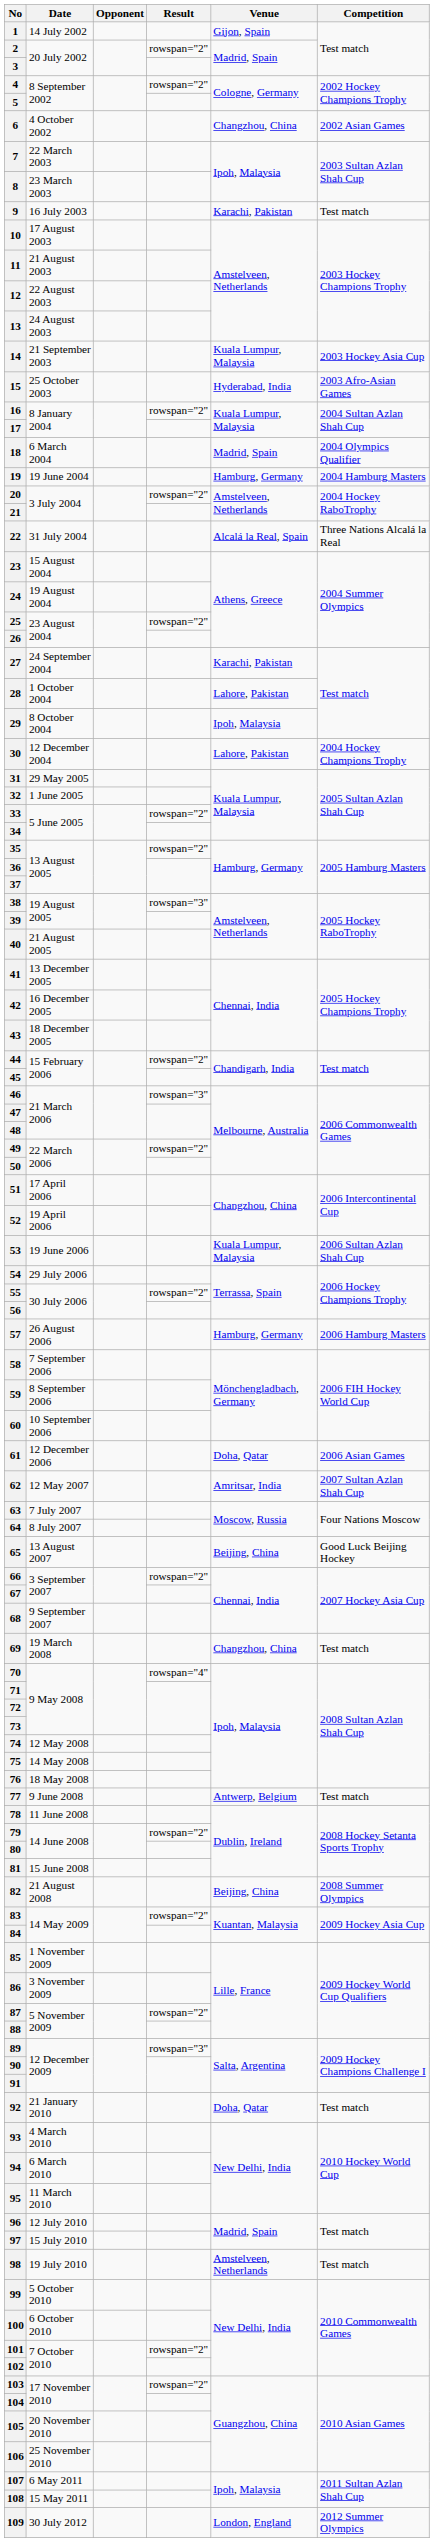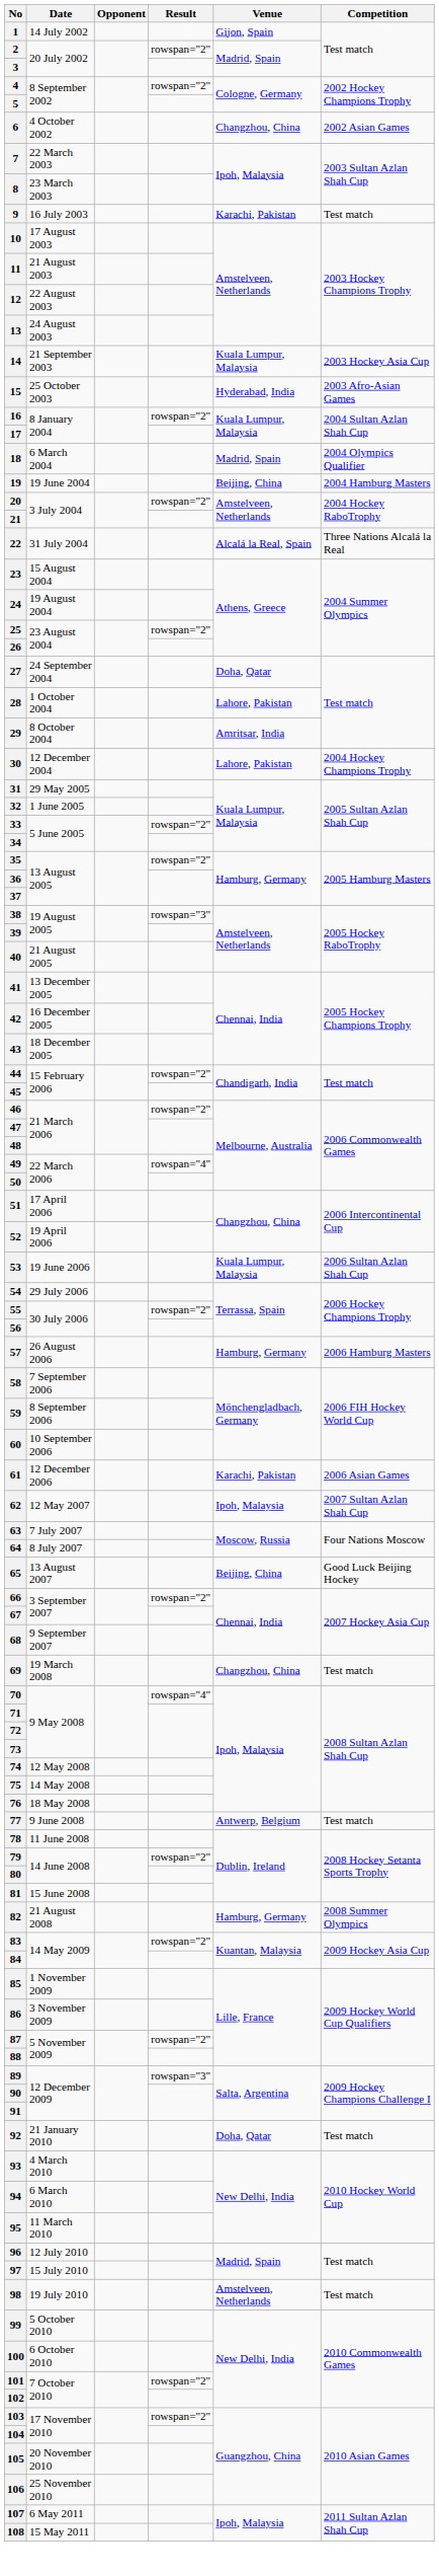 <table class="wikitable sortable">
 <tr>
 <th>No</th>
 <th>Date</th>
 <th>Opponent</th>
 <th>Result</th>
 <th>Venue</th>
 <th>Competition</th>
 </tr>
 <tr>
 <th>1</th>
 <td>14 July 2002</td>
 <td></td>
 <td></td>
 <td><a href='#'>Gijon</a>, <a href='#'>Spain</a></td>
 <td rowspan="3">Test match</td>
 </tr>
 <tr>
 <th>2</th>
 <td rowspan="2">20 July 2002</td>
 <td rowspan="2"></td>
 <td>rowspan="2" </td>
 <td rowspan="2"><a href='#'>Madrid</a>, <a href='#'>Spain</a></td>
 </tr>
 <tr>
 <th>3</th>
 </tr>
 <tr>
 <th>4</th>
 <td rowspan="2">8 September 2002</td>
 <td rowspan="2"></td>
 <td>rowspan="2" </td>
 <td rowspan="2"><a href='#'>Cologne</a>, <a href='#'>Germany</a></td>
 <td rowspan="2"><a href='#'>2002 Hockey Champions Trophy</a></td>
 </tr>
 <tr>
 <th>5</th>
 </tr>
 <tr>
 <th>6</th>
 <td>4 October 2002</td>
 <td></td>
 <td></td>
 <td><a href='#'>Changzhou</a>, <a href='#'>China</a></td>
 <td><a href='#'>2002 Asian Games</a></td>
 </tr>
 <tr>
 <th>7</th>
 <td>22 March 2003</td>
 <td></td>
 <td></td>
 <td rowspan="2"><a href='#'>Ipoh</a>, <a href='#'>Malaysia</a></td>
 <td rowspan="2"><a href='#'>2003 Sultan Azlan Shah Cup</a></td>
 </tr>
 <tr>
 <th>8</th>
 <td>23 March 2003</td>
 <td></td>
 <td></td>
 </tr>
 <tr>
 <th>9</th>
 <td>16 July 2003</td>
 <td></td>
 <td></td>
 <td><a href='#'>Karachi</a>, <a href='#'>Pakistan</a></td>
 <td>Test match</td>
 </tr>
 <tr>
 <th>10</th>
 <td>17 August 2003</td>
 <td></td>
 <td></td>
 <td rowspan="4"><a href='#'>Amstelveen</a>, <a href='#'>Netherlands</a></td>
 <td rowspan="4"><a href='#'>2003 Hockey Champions Trophy</a></td>
 </tr>
 <tr>
 <th>11</th>
 <td>21 August 2003</td>
 <td></td>
 <td></td>
 </tr>
 <tr>
 <th>12</th>
 <td>22 August 2003</td>
 <td></td>
 <td></td>
 </tr>
 <tr>
 <th>13</th>
 <td>24 August 2003</td>
 <td></td>
 <td></td>
 </tr>
 <tr>
 <th>14</th>
 <td>21 September 2003</td>
 <td></td>
 <td></td>
 <td><a href='#'>Kuala Lumpur</a>, <a href='#'>Malaysia</a></td>
 <td><a href='#'>2003 Hockey Asia Cup</a></td>
 </tr>
 <tr>
 <th>15</th>
 <td>25 October 2003</td>
 <td></td>
 <td></td>
 <td><a href='#'>Hyderabad</a>, <a href='#'>India</a></td>
 <td><a href='#'>2003 Afro-Asian Games</a></td>
 </tr>
 <tr>
 <th>16</th>
 <td rowspan="2">8 January 2004</td>
 <td rowspan="2"></td>
 <td>rowspan="2" </td>
 <td rowspan="2"><a href='#'>Kuala Lumpur</a>, <a href='#'>Malaysia</a></td>
 <td rowspan="2"><a href='#'>2004 Sultan Azlan Shah Cup</a></td>
 </tr>
 <tr>
 <th>17</th>
 </tr>
 <tr>
 <th>18</th>
 <td>6 March 2004</td>
 <td></td>
 <td></td>
 <td><a href='#'>Madrid</a>, <a href='#'>Spain</a></td>
 <td><a href='#'>2004 Olympics Qualifier</a></td>
 </tr>
 <tr>
 <th>19</th>
 <td>19 June 2004</td>
 <td></td>
 <td></td>
-<td><a href='#'>Hamburg</a>, <a href='#'>Germany</a></td>
+<td><a href='#'>Beijing</a>, <a href='#'>China</a></td>
 <td><a href='#'>2004 Hamburg Masters</a></td>
 </tr>
 <tr>
 <th>20</th>
 <td rowspan="2">3 July 2004</td>
 <td rowspan="2"></td>
 <td>rowspan="2" </td>
 <td rowspan="2"><a href='#'>Amstelveen</a>, <a href='#'>Netherlands</a></td>
 <td rowspan="2"><a href='#'>2004 Hockey RaboTrophy</a></td>
 </tr>
 <tr>
 <th>21</th>
 </tr>
 <tr>
 <th>22</th>
 <td>31 July 2004</td>
 <td></td>
 <td></td>
 <td><a href='#'>Alcalá la Real</a>, <a href='#'>Spain</a></td>
 <td>Three Nations Alcalá la Real</td>
 </tr>
 <tr>
 <th>23</th>
 <td>15 August 2004</td>
 <td></td>
 <td></td>
 <td rowspan="4"><a href='#'>Athens</a>, <a href='#'>Greece</a></td>
 <td rowspan="4"><a href='#'>2004 Summer Olympics</a></td>
 </tr>
 <tr>
 <th>24</th>
 <td>19 August 2004</td>
 <td></td>
 <td></td>
 </tr>
 <tr>
 <th>25</th>
 <td rowspan="2">23 August 2004</td>
 <td rowspan="2"></td>
 <td>rowspan="2" </td>
 </tr>
 <tr>
 <th>26</th>
 </tr>
 <tr>
 <th>27</th>
 <td>24 September 2004</td>
 <td></td>
 <td></td>
-<td><a href='#'>Karachi</a>, <a href='#'>Pakistan</a></td>
+<td><a href='#'>Doha</a>, <a href='#'>Qatar</a></td>
 <td rowspan="3"><a href='#'>Test match</a></td>
 </tr>
 <tr>
 <th>28</th>
 <td>1 October 2004</td>
 <td></td>
 <td></td>
 <td><a href='#'>Lahore</a>, <a href='#'>Pakistan</a></td>
 </tr>
 <tr>
 <th>29</th>
 <td>8 October 2004</td>
 <td></td>
 <td></td>
-<td><a href='#'>Ipoh</a>, <a href='#'>Malaysia</a></td>
+<td><a href='#'>Amritsar</a>, <a href='#'>India</a></td>
 </tr>
 <tr>
 <th>30</th>
 <td>12 December 2004</td>
 <td></td>
 <td></td>
 <td><a href='#'>Lahore</a>, <a href='#'>Pakistan</a></td>
 <td><a href='#'>2004 Hockey Champions Trophy</a></td>
 </tr>
 <tr>
 <th>31</th>
 <td>29 May 2005</td>
 <td></td>
 <td></td>
 <td rowspan="4"><a href='#'>Kuala Lumpur</a>, <a href='#'>Malaysia</a></td>
 <td rowspan="4"><a href='#'>2005 Sultan Azlan Shah Cup</a></td>
 </tr>
 <tr>
 <th>32</th>
 <td>1 June 2005</td>
 <td></td>
 <td></td>
 </tr>
 <tr>
 <th>33</th>
 <td rowspan="2">5 June 2005</td>
 <td rowspan="2"></td>
 <td>rowspan="2" </td>
 </tr>
 <tr>
 <th>34</th>
 </tr>
 <tr>
 <th>35</th>
 <td rowspan="3">13 August 2005</td>
 <td rowspan="3"></td>
 <td>rowspan="2" </td>
 <td rowspan="3"><a href='#'>Hamburg</a>, <a href='#'>Germany</a></td>
 <td rowspan="3"><a href='#'>2005 Hamburg Masters</a></td>
 </tr>
 <tr>
 <th>36</th>
 </tr>
 <tr>
 <th>37</th>
 </tr>
 <tr>
 <th>38</th>
 <td rowspan="2">19 August 2005</td>
 <td rowspan="2"></td>
 <td>rowspan="3" </td>
 <td rowspan="3"><a href='#'>Amstelveen</a>, <a href='#'>Netherlands</a></td>
 <td rowspan="3"><a href='#'>2005 Hockey RaboTrophy</a></td>
 </tr>
 <tr>
 <th>39</th>
 </tr>
 <tr>
 <th>40</th>
 <td>21 August 2005</td>
 <td></td>
 <td></td>
 </tr>
 <tr>
 <th>41</th>
 <td>13 December 2005</td>
 <td></td>
 <td></td>
 <td rowspan="3"><a href='#'>Chennai</a>, <a href='#'>India</a></td>
 <td rowspan="3"><a href='#'>2005 Hockey Champions Trophy</a></td>
 </tr>
 <tr>
 <th>42</th>
 <td>16 December 2005</td>
 <td></td>
 <td></td>
 </tr>
 <tr>
 <th>43</th>
 <td>18 December 2005</td>
 <td></td>
 <td></td>
 </tr>
 <tr>
 <th>44</th>
 <td rowspan="2">15 February 2006</td>
 <td rowspan="2"></td>
 <td>rowspan="2" </td>
 <td rowspan="2"><a href='#'>Chandigarh</a>, <a href='#'>India</a></td>
 <td rowspan="2"><a href='#'>Test match</a></td>
 </tr>
 <tr>
 <th>45</th>
 </tr>
 <tr>
 <th>46</th>
 <td rowspan="3">21 March 2006</td>
 <td rowspan="3"></td>
-<td>rowspan="3" </td>
+<td>rowspan="2" </td>
 <td rowspan="5"><a href='#'>Melbourne</a>, <a href='#'>Australia</a></td>
 <td rowspan="5"><a href='#'>2006 Commonwealth Games</a></td>
 </tr>
 <tr>
 <th>47</th>
 </tr>
 <tr>
 <th>48</th>
 </tr>
 <tr>
 <th>49</th>
 <td rowspan="2">22 March 2006</td>
 <td rowspan="2"></td>
-<td>rowspan="2" </td>
+<td>rowspan="4" </td>
 </tr>
 <tr>
 <th>50</th>
 </tr>
 <tr>
 <th>51</th>
 <td>17 April 2006</td>
 <td></td>
 <td></td>
 <td rowspan="2"><a href='#'>Changzhou</a>, <a href='#'>China</a></td>
 <td rowspan="2"><a href='#'>2006 Intercontinental Cup</a></td>
 </tr>
 <tr>
 <th>52</th>
 <td>19 April 2006</td>
 <td></td>
 <td></td>
 </tr>
 <tr>
 <th>53</th>
 <td>19 June 2006</td>
 <td></td>
 <td></td>
 <td><a href='#'>Kuala Lumpur</a>, <a href='#'>Malaysia</a></td>
 <td><a href='#'>2006 Sultan Azlan Shah Cup</a></td>
 </tr>
 <tr>
 <th>54</th>
 <td>29 July 2006</td>
 <td></td>
 <td></td>
 <td rowspan="3"><a href='#'>Terrassa</a>, <a href='#'>Spain</a></td>
 <td rowspan="3"><a href='#'>2006 Hockey Champions Trophy</a></td>
 </tr>
 <tr>
 <th>55</th>
 <td rowspan="2">30 July 2006</td>
 <td rowspan="2"></td>
 <td>rowspan="2" </td>
 </tr>
 <tr>
 <th>56</th>
 </tr>
 <tr>
 <th>57</th>
 <td>26 August 2006</td>
 <td></td>
 <td></td>
 <td><a href='#'>Hamburg</a>, <a href='#'>Germany</a></td>
 <td><a href='#'>2006 Hamburg Masters</a></td>
 </tr>
 <tr>
 <th>58</th>
 <td>7 September 2006</td>
 <td></td>
 <td></td>
 <td rowspan="3"><a href='#'>Mönchengladbach</a>, <a href='#'>Germany</a></td>
 <td rowspan="3"><a href='#'>2006 FIH Hockey World Cup</a></td>
 </tr>
 <tr>
 <th>59</th>
 <td>8 September 2006</td>
 <td></td>
 <td></td>
 </tr>
 <tr>
 <th>60</th>
 <td>10 September 2006</td>
 <td></td>
 <td></td>
 </tr>
 <tr>
 <th>61</th>
 <td>12 December 2006</td>
 <td></td>
 <td></td>
-<td><a href='#'>Doha</a>, <a href='#'>Qatar</a></td>
+<td><a href='#'>Karachi</a>, <a href='#'>Pakistan</a></td>
 <td><a href='#'>2006 Asian Games</a></td>
 </tr>
 <tr>
 <th>62</th>
 <td>12 May 2007</td>
 <td></td>
 <td></td>
-<td><a href='#'>Amritsar</a>, <a href='#'>India</a></td>
+<td><a href='#'>Ipoh</a>, <a href='#'>Malaysia</a></td>
 <td><a href='#'>2007 Sultan Azlan Shah Cup</a></td>
 </tr>
 <tr>
 <th>63</th>
 <td>7 July 2007</td>
 <td></td>
 <td></td>
 <td rowspan="2"><a href='#'>Moscow</a>, <a href='#'>Russia</a></td>
 <td rowspan="2">Four Nations Moscow</td>
 </tr>
 <tr>
 <th>64</th>
 <td>8 July 2007</td>
 <td></td>
 <td></td>
 </tr>
 <tr>
 <th>65</th>
 <td>13 August 2007</td>
 <td></td>
 <td></td>
 <td><a href='#'>Beijing</a>, <a href='#'>China</a></td>
 <td>Good Luck Beijing Hockey</td>
 </tr>
 <tr>
 <th>66</th>
 <td rowspan="2">3 September 2007</td>
 <td rowspan="2"></td>
 <td>rowspan="2" </td>
 <td rowspan="3"><a href='#'>Chennai</a>, <a href='#'>India</a></td>
 <td rowspan="3"><a href='#'>2007 Hockey Asia Cup</a></td>
 </tr>
 <tr>
 <th>67</th>
 </tr>
 <tr>
 <th>68</th>
 <td>9 September 2007</td>
 <td></td>
 <td></td>
 </tr>
 <tr>
 <th>69</th>
 <td>19 March 2008</td>
 <td></td>
 <td></td>
 <td><a href='#'>Changzhou</a>, <a href='#'>China</a></td>
 <td>Test match</td>
 </tr>
 <tr>
 <th>70</th>
 <td rowspan="4">9 May 2008</td>
 <td rowspan="4"></td>
 <td>rowspan="4" </td>
 <td rowspan="7"><a href='#'>Ipoh</a>, <a href='#'>Malaysia</a></td>
 <td rowspan="7"><a href='#'>2008 Sultan Azlan Shah Cup</a></td>
 </tr>
 <tr>
 <th>71</th>
 </tr>
 <tr>
 <th>72</th>
 </tr>
 <tr>
 <th>73</th>
 </tr>
 <tr>
 <th>74</th>
 <td>12 May 2008</td>
 <td></td>
 <td></td>
 </tr>
 <tr>
 <th>75</th>
 <td>14 May 2008</td>
 <td></td>
 <td></td>
 </tr>
 <tr>
 <th>76</th>
 <td>18 May 2008</td>
 <td></td>
 <td></td>
 </tr>
 <tr>
 <th>77</th>
 <td>9 June 2008</td>
 <td></td>
 <td></td>
 <td><a href='#'>Antwerp</a>, <a href='#'>Belgium</a></td>
 <td>Test match</td>
 </tr>
 <tr>
 <th>78</th>
 <td>11 June 2008</td>
 <td></td>
 <td></td>
 <td rowspan="4"><a href='#'>Dublin</a>, <a href='#'>Ireland</a></td>
 <td rowspan="4"><a href='#'>2008 Hockey Setanta Sports Trophy</a></td>
 </tr>
 <tr>
 <th>79</th>
 <td rowspan="2">14 June 2008</td>
 <td rowspan="2"></td>
 <td>rowspan="2" </td>
 </tr>
 <tr>
 <th>80</th>
 </tr>
 <tr>
 <th>81</th>
 <td>15 June 2008</td>
 <td></td>
 <td></td>
 </tr>
 <tr>
 <th>82</th>
 <td>21 August 2008</td>
 <td></td>
 <td></td>
-<td><a href='#'>Beijing</a>, <a href='#'>China</a></td>
+<td><a href='#'>Hamburg</a>, <a href='#'>Germany</a></td>
 <td><a href='#'>2008 Summer Olympics</a></td>
 </tr>
 <tr>
 <th>83</th>
 <td rowspan="2">14 May 2009</td>
 <td rowspan="2"></td>
 <td>rowspan="2" </td>
 <td rowspan="2"><a href='#'>Kuantan</a>, <a href='#'>Malaysia</a></td>
 <td rowspan="2"><a href='#'>2009 Hockey Asia Cup</a></td>
 </tr>
 <tr>
 <th>84</th>
 </tr>
 <tr>
 <th>85</th>
 <td>1 November 2009</td>
 <td></td>
 <td></td>
 <td rowspan="4"><a href='#'>Lille</a>, <a href='#'>France</a></td>
 <td rowspan="4"><a href='#'>2009 Hockey World Cup Qualifiers</a></td>
 </tr>
 <tr>
 <th>86</th>
 <td>3 November 2009</td>
 <td></td>
 <td></td>
 </tr>
 <tr>
 <th>87</th>
 <td rowspan="2">5 November 2009</td>
 <td rowspan="2"></td>
 <td>rowspan="2" </td>
 </tr>
 <tr>
 <th>88</th>
 </tr>
 <tr>
 <th>89</th>
 <td rowspan="3">12 December 2009</td>
 <td rowspan="3"></td>
 <td>rowspan="3" </td>
 <td rowspan="3"><a href='#'>Salta</a>, <a href='#'>Argentina</a></td>
 <td rowspan="3"><a href='#'>2009 Hockey Champions Challenge I</a></td>
 </tr>
 <tr>
 <th>90</th>
 </tr>
 <tr>
 <th>91</th>
 </tr>
 <tr>
 <th>92</th>
 <td>21 January 2010</td>
 <td></td>
 <td></td>
 <td><a href='#'>Doha</a>, <a href='#'>Qatar</a></td>
 <td>Test match</td>
 </tr>
 <tr>
 <th>93</th>
 <td>4 March 2010</td>
 <td></td>
 <td></td>
 <td rowspan="3"><a href='#'>New Delhi</a>, <a href='#'>India</a></td>
 <td rowspan="3"><a href='#'>2010 Hockey World Cup</a></td>
 </tr>
 <tr>
 <th>94</th>
 <td>6 March 2010</td>
 <td></td>
 <td></td>
 </tr>
 <tr>
 <th>95</th>
 <td>11 March 2010</td>
 <td></td>
 <td></td>
 </tr>
 <tr>
 <th>96</th>
 <td>12 July 2010</td>
 <td></td>
 <td></td>
 <td rowspan="2"><a href='#'>Madrid</a>, <a href='#'>Spain</a></td>
 <td rowspan="2">Test match</td>
 </tr>
 <tr>
 <th>97</th>
 <td>15 July 2010</td>
 <td></td>
 <td></td>
 </tr>
 <tr>
 <th>98</th>
 <td>19 July 2010</td>
 <td></td>
 <td></td>
 <td><a href='#'>Amstelveen</a>, <a href='#'>Netherlands</a></td>
 <td>Test match</td>
 </tr>
 <tr>
 <th>99</th>
 <td>5 October 2010</td>
 <td></td>
 <td></td>
 <td rowspan="4"><a href='#'>New Delhi</a>, <a href='#'>India</a></td>
 <td rowspan="4"><a href='#'>2010 Commonwealth Games</a></td>
 </tr>
 <tr>
 <th>100</th>
 <td>6 October 2010</td>
 <td></td>
 <td></td>
 </tr>
 <tr>
 <th>101</th>
 <td rowspan="2">7 October 2010</td>
 <td rowspan="2"></td>
 <td>rowspan="2" </td>
 </tr>
 <tr>
 <th>102</th>
 </tr>
 <tr>
 <th>103</th>
 <td rowspan="2">17 November 2010</td>
 <td rowspan="2"></td>
 <td>rowspan="2" </td>
 <td rowspan="4"><a href='#'>Guangzhou</a>, <a href='#'>China</a></td>
 <td rowspan="4"><a href='#'>2010 Asian Games</a></td>
 </tr>
 <tr>
 <th>104</th>
 </tr>
 <tr>
 <th>105</th>
 <td>20 November 2010</td>
 <td></td>
 <td></td>
 </tr>
 <tr>
 <th>106</th>
 <td>25 November 2010</td>
 <td></td>
 <td></td>
 </tr>
 <tr>
 <th>107</th>
 <td>6 May 2011</td>
 <td></td>
 <td></td>
 <td rowspan="2"><a href='#'>Ipoh</a>, <a href='#'>Malaysia</a></td>
 <td rowspan="2"><a href='#'>2011 Sultan Azlan Shah Cup</a></td>
 </tr>
 <tr>
 <th>108</th>
 <td>15 May 2011</td>
 <td></td>
 <td></td>
 </tr>
-<tr>
-<th>109</th>
-<td>30 July 2012</td>
-<td></td>
-<td></td>
-<td><a href='#'>London</a>, <a href='#'>England</a></td>
-<td><a href='#'>2012 Summer Olympics</a></td>
-</tr>
 </table>
